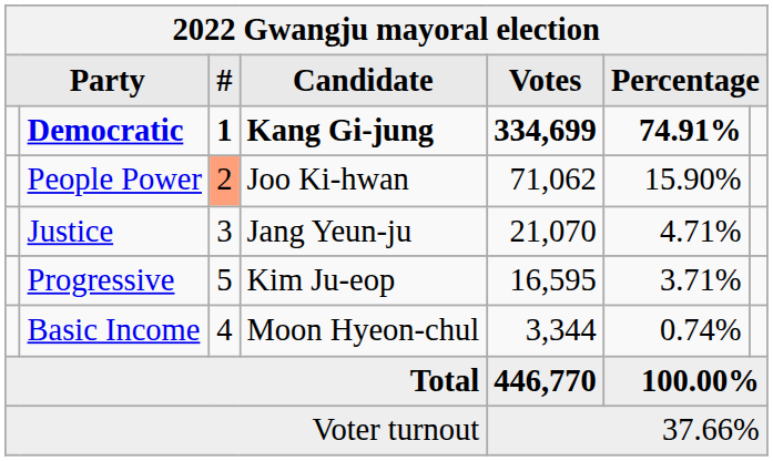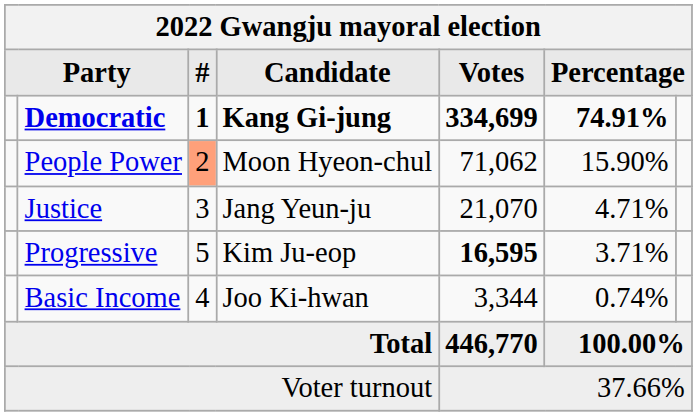 <table class="wikitable">
 <tr>
 <th colspan="7">2022 Gwangju mayoral election</th>
 </tr>
 <tr>
 <th style="background-color:#E9E9E9" colspan=2>Party</th>
 <th style="background-color:#E9E9E9">#</th>
 <th style="background-color:#E9E9E9">Candidate</th>
 <th style="background-color:#E9E9E9">Votes</th>
 <th style="background-color:#E9E9E9" colspan=2>Percentage</th>
 </tr>
 <tr style="font-weight:bold">
 <td></td>
 <td align=left><a href='#'>Democratic</a></td>
 <td align=center>1</td>
 <td align=left>Kang Gi-jung</td>
 <td align=right>334,699</td>
 <td align=right>74.91%</td>
 <td align=right></td>
 </tr>
 <tr>
 <td></td>
 <td align=left><a href='#'>People Power</a></td>
 <td align=center style="background: lightsalmon;">2</td>
-<td align=left>Joo Ki-hwan</td>
+<td align=left>Moon Hyeon-chul</td>
 <td align=right>71,062</td>
 <td align=right>15.90%</td>
 <td align=right></td>
 </tr>
 <tr>
 <td></td>
 <td align=left><a href='#'>Justice</a></td>
 <td align=center>3</td>
 <td align=left>Jang Yeun-ju</td>
 <td align=right>21,070</td>
 <td align=right>4.71%</td>
 <td align=right></td>
 </tr>
 <tr>
 <td></td>
 <td align=left><a href='#'>Progressive</a></td>
 <td align=center>5</td>
 <td align=left>Kim Ju-eop</td>
-<td align=right>16,595</td>
+<td align=right><strong>16,595</strong></td>
 <td align=right>3.71%</td>
 <td align=right></td>
 </tr>
 <tr>
 <td></td>
 <td align=left><a href='#'>Basic Income</a></td>
 <td align=center>4</td>
-<td align=left>Moon Hyeon-chul</td>
+<td align=left>Joo Ki-hwan</td>
 <td align=right>3,344</td>
 <td align=right>0.74%</td>
 <td align=right></td>
 </tr>
 <tr bgcolor="#EEEEEE" style="font-weight:bold">
 <td colspan="4" align=right>Total</td>
 <td align=right>446,770</td>
 <td align=right colspan=2>100.00%</td>
 </tr>
 <tr bgcolor="#EEEEEE">
 <td colspan="4" align="right">Voter turnout</td>
 <td colspan="3" align="right">37.66%</td>
 </tr>
 </table>
